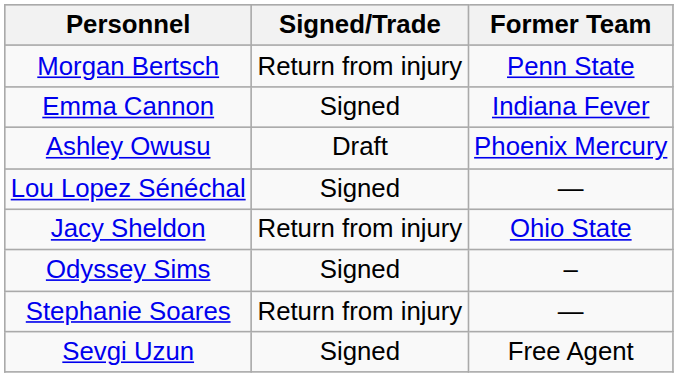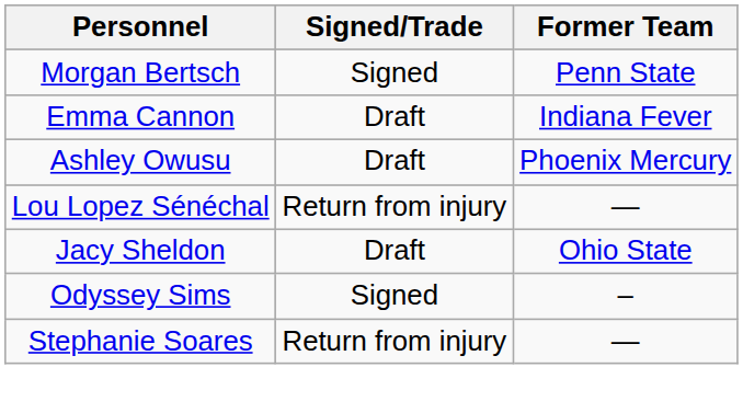 <table class="wikitable" style="text-align: center">
 <tr align="center" bgcolor="#dddddd">
 <th><strong>Personnel</strong></th>
 <th><strong>Signed/Trade</strong></th>
 <th><strong>Former Team</strong></th>
 </tr>
 <tr>
 <td><a href='#'>Morgan Bertsch</a></td>
-<td>Return from injury</td>
+<td>Signed<br></td>
 <td><a href='#'>Penn State</a></td>
 </tr>
 <tr>
 <td><a href='#'>Emma Cannon</a></td>
-<td>Signed</td>
+<td>Draft</td>
 <td><a href='#'>Indiana Fever</a></td>
 </tr>
 <tr>
 <td><a href='#'>Ashley Owusu</a></td>
 <td>Draft</td>
 <td><a href='#'>Phoenix Mercury</a></td>
 </tr>
 <tr>
 <td><a href='#'>Lou Lopez Sénéchal</a></td>
-<td>Signed<br></td>
+<td>Return from injury</td>
 <td>—</td>
 </tr>
 <tr>
 <td><a href='#'>Jacy Sheldon</a></td>
-<td>Return from injury</td>
+<td>Draft</td>
 <td><a href='#'>Ohio State</a></td>
 </tr>
 <tr>
 <td><a href='#'>Odyssey Sims</a></td>
 <td>Signed<br></td>
 <td>–</td>
 </tr>
 <tr>
 <td><a href='#'>Stephanie Soares</a></td>
 <td>Return from injury</td>
 <td>—</td>
 </tr>
-<tr>
-<td><a href='#'>Sevgi Uzun</a></td>
-<td>Signed</td>
-<td>Free Agent</td>
-</tr>
 </table>
